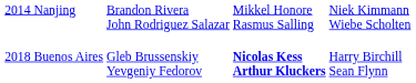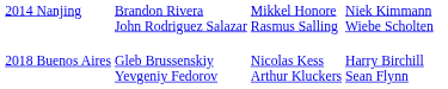 <table>
 <tr>
 <td><a href='#'>2014 Nanjing</a><br></td>
 <td><br><a href='#'>Brandon Rivera</a><br><a href='#'>John Rodriguez Salazar</a></td>
 <td><br><a href='#'>Mikkel Honore</a><br><a href='#'>Rasmus Salling</a></td>
 <td><br><a href='#'>Niek Kimmann</a><br><a href='#'>Wiebe Scholten</a></td>
 </tr>
 <tr>
 <td><a href='#'>2018 Buenos Aires</a><br></td>
 <td><br><a href='#'>Gleb Brussenskiy</a><br><a href='#'>Yevgeniy Fedorov</a></td>
-<td><strong><br><a href='#'>Nicolas Kess</a><br><a href='#'>Arthur Kluckers</a></strong></td>
+<td><br><a href='#'>Nicolas Kess</a><br><a href='#'>Arthur Kluckers</a></td>
 <td><br><a href='#'>Harry Birchill</a><br><a href='#'>Sean Flynn</a></td>
 </tr>
 </table>
